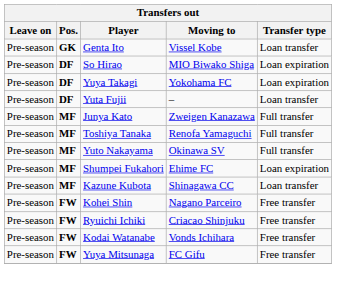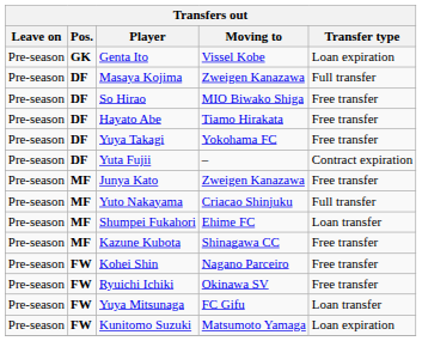 <table class="wikitable sortable" style=“text-align:left;>
 <tr>
 <th colspan="5">Transfers out</th>
 </tr>
 <tr>
 <th>Leave on</th>
 <th>Pos.</th>
 <th>Player</th>
 <th>Moving to</th>
 <th>Transfer type</th>
 </tr>
 <tr>
 <td>Pre-season</td>
 <td><strong>GK</strong></td>
 <td> <a href='#'>Genta Ito</a></td>
 <td> <a href='#'>Vissel Kobe</a></td>
-<td>Loan transfer</td>
+<td>Loan expiration</td>
+</tr>
+<tr>
+<td>Pre-season</td>
+<td><strong>DF</strong></td>
+<td> <a href='#'>Masaya Kojima</a></td>
+<td> <a href='#'>Zweigen Kanazawa</a></td>
+<td>Full transfer</td>
 </tr>
 <tr>
 <td>Pre-season</td>
 <td><strong>DF</strong></td>
 <td> <a href='#'>So Hirao</a></td>
 <td> <a href='#'>MIO Biwako Shiga</a></td>
-<td>Loan expiration</td>
+<td>Free transfer</td>
+</tr>
+<tr>
+<td>Pre-season</td>
+<td><strong>DF</strong></td>
+<td> <a href='#'>Hayato Abe</a></td>
+<td> <a href='#'>Tiamo Hirakata</a></td>
+<td>Free transfer</td>
 </tr>
 <tr>
 <td>Pre-season</td>
 <td><strong>DF</strong></td>
 <td> <a href='#'>Yuya Takagi</a></td>
 <td> <a href='#'>Yokohama FC</a></td>
-<td>Loan expiration</td>
+<td>Free transfer</td>
 </tr>
 <tr>
 <td>Pre-season</td>
 <td><strong>DF</strong></td>
 <td> <a href='#'>Yuta Fujii</a></td>
 <td>–</td>
-<td>Loan transfer</td>
+<td>Contract expiration</td>
 </tr>
 <tr>
 <td>Pre-season</td>
 <td><strong>MF</strong></td>
 <td> <a href='#'>Junya Kato</a></td>
 <td> <a href='#'>Zweigen Kanazawa</a></td>
-<td>Full transfer</td>
-</tr>
-<tr>
-<td>Pre-season</td>
-<td><strong>MF</strong></td>
-<td> <a href='#'>Toshiya Tanaka</a></td>
-<td> <a href='#'>Renofa Yamaguchi</a></td>
-<td>Full transfer</td>
+<td>Free transfer</td>
 </tr>
 <tr>
 <td>Pre-season</td>
 <td><strong>MF</strong></td>
 <td> <a href='#'>Yuto Nakayama</a></td>
-<td> <a href='#'>Okinawa SV</a></td>
+<td> <a href='#'>Criacao Shinjuku</a></td>
 <td>Full transfer</td>
 </tr>
 <tr>
 <td>Pre-season</td>
 <td><strong>MF</strong></td>
 <td> <a href='#'>Shumpei Fukahori</a></td>
 <td> <a href='#'>Ehime FC</a></td>
-<td>Loan expiration</td>
+<td>Loan transfer</td>
 </tr>
 <tr>
 <td>Pre-season</td>
 <td><strong>MF</strong></td>
 <td> <a href='#'>Kazune Kubota</a></td>
 <td> <a href='#'>Shinagawa CC</a></td>
-<td>Loan transfer</td>
+<td>Free transfer</td>
 </tr>
 <tr>
 <td>Pre-season</td>
 <td><strong>FW</strong></td>
 <td> <a href='#'>Kohei Shin</a></td>
 <td> <a href='#'>Nagano Parceiro</a></td>
 <td>Free transfer</td>
 </tr>
 <tr>
 <td>Pre-season</td>
 <td><strong>FW</strong></td>
 <td> <a href='#'>Ryuichi Ichiki</a></td>
-<td> <a href='#'>Criacao Shinjuku</a></td>
-<td>Free transfer</td>
-</tr>
-<tr>
-<td>Pre-season</td>
-<td><strong>FW</strong></td>
-<td> <a href='#'>Kodai Watanabe</a></td>
-<td> <a href='#'>Vonds Ichihara</a></td>
+<td> <a href='#'>Okinawa SV</a></td>
 <td>Free transfer</td>
 </tr>
 <tr>
 <td>Pre-season</td>
 <td><strong>FW</strong></td>
 <td> <a href='#'>Yuya Mitsunaga</a></td>
 <td> <a href='#'>FC Gifu</a></td>
-<td>Free transfer</td>
+<td>Loan transfer</td>
+</tr>
+<tr>
+<td>Pre-season</td>
+<td><strong>FW</strong></td>
+<td> <a href='#'>Kunitomo Suzuki</a></td>
+<td> <a href='#'>Matsumoto Yamaga</a></td>
+<td>Loan expiration</td>
 </tr>
 <tr>
 </tr>
 </table>
